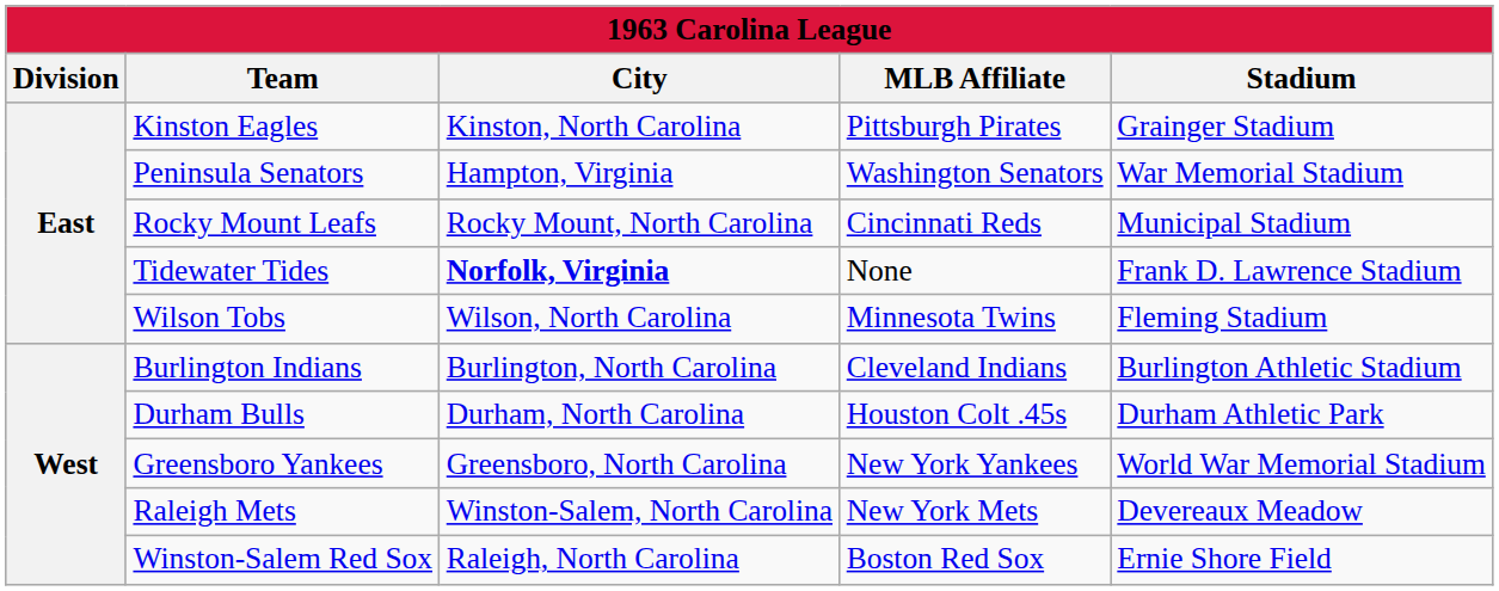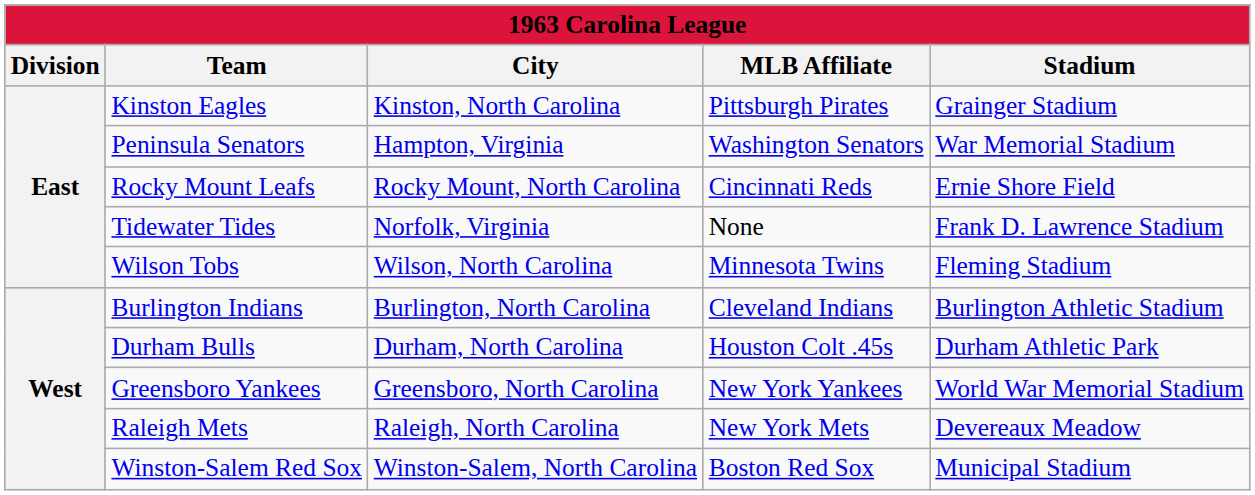 <table class="wikitable" style="width:auto">
 <tr>
 <td bgcolor="#DC143C" align="center" colspan="7"><strong><span>1963 Carolina League</span></strong></td>
 </tr>
 <tr>
 <th>Division</th>
 <th>Team</th>
 <th>City</th>
 <th>MLB Affiliate</th>
 <th>Stadium</th>
 </tr>
 <tr>
 <th rowspan="5">East</th>
 <td><a href='#'>Kinston Eagles</a></td>
 <td><a href='#'>Kinston, North Carolina</a></td>
 <td><a href='#'>Pittsburgh Pirates</a></td>
 <td><a href='#'>Grainger Stadium</a></td>
 </tr>
 <tr>
 <td><a href='#'>Peninsula Senators</a></td>
 <td><a href='#'>Hampton, Virginia</a></td>
 <td><a href='#'>Washington Senators</a></td>
 <td><a href='#'>War Memorial Stadium</a></td>
 </tr>
 <tr>
 <td><a href='#'>Rocky Mount Leafs</a></td>
 <td><a href='#'>Rocky Mount, North Carolina</a></td>
 <td><a href='#'>Cincinnati Reds</a></td>
-<td><a href='#'>Municipal Stadium</a></td>
+<td><a href='#'>Ernie Shore Field</a></td>
 </tr>
 <tr>
 <td><a href='#'>Tidewater Tides</a></td>
-<td><strong><a href='#'>Norfolk, Virginia</a></strong></td>
+<td><a href='#'>Norfolk, Virginia</a></td>
 <td>None</td>
 <td><a href='#'>Frank D. Lawrence Stadium</a></td>
 </tr>
 <tr>
 <td><a href='#'>Wilson Tobs</a></td>
 <td><a href='#'>Wilson, North Carolina</a></td>
 <td><a href='#'>Minnesota Twins</a></td>
 <td><a href='#'>Fleming Stadium</a></td>
 </tr>
 <tr>
 <th rowspan="5">West</th>
 <td><a href='#'>Burlington Indians</a></td>
 <td><a href='#'>Burlington, North Carolina</a></td>
 <td><a href='#'>Cleveland Indians</a></td>
 <td><a href='#'>Burlington Athletic Stadium</a></td>
 </tr>
 <tr>
 <td><a href='#'>Durham Bulls</a></td>
 <td><a href='#'>Durham, North Carolina</a></td>
 <td><a href='#'>Houston Colt .45s</a></td>
 <td><a href='#'>Durham Athletic Park</a></td>
 </tr>
 <tr>
 <td><a href='#'>Greensboro Yankees</a></td>
 <td><a href='#'>Greensboro, North Carolina</a></td>
 <td><a href='#'>New York Yankees</a></td>
 <td><a href='#'>World War Memorial Stadium</a></td>
 </tr>
 <tr>
 <td><a href='#'>Raleigh Mets</a></td>
-<td><a href='#'>Winston-Salem, North Carolina</a></td>
+<td><a href='#'>Raleigh, North Carolina</a></td>
 <td><a href='#'>New York Mets</a></td>
 <td><a href='#'>Devereaux Meadow</a></td>
 </tr>
 <tr>
 <td><a href='#'>Winston-Salem Red Sox</a></td>
-<td><a href='#'>Raleigh, North Carolina</a></td>
+<td><a href='#'>Winston-Salem, North Carolina</a></td>
 <td><a href='#'>Boston Red Sox</a></td>
-<td><a href='#'>Ernie Shore Field</a></td>
+<td><a href='#'>Municipal Stadium</a></td>
 </tr>
 </table>
